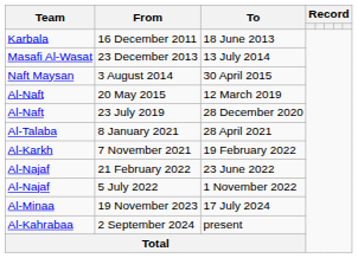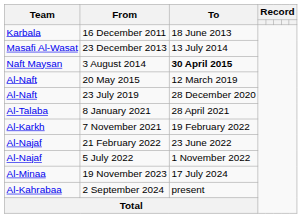 <table class=wikitable style=text-align:center>
 <tr>
 <th rowspan=2>Team</th>
 <th rowspan=2>From</th>
 <th rowspan=2>To</th>
 <th colspan=5>Record</th>
 </tr>
 <tr>
 <th></th>
 <th></th>
 <th></th>
 <th></th>
 <th></th>
 </tr>
 <tr>
 <td align=left><a href='#'>Karbala</a></td>
 <td align=left>16 December 2011</td>
 <td align=left>18 June 2013<br></td>
 </tr>
 <tr>
 <td align=left><a href='#'>Masafi Al-Wasat</a></td>
 <td align=left>23 December 2013</td>
 <td align=left>13 July 2014<br></td>
 </tr>
 <tr>
 <td align=left><a href='#'>Naft Maysan</a></td>
 <td align=left>3 August 2014</td>
-<td align=left>30 April 2015<br></td>
+<td align=left><strong>30 April 2015<br></strong></td>
 </tr>
 <tr>
 <td align=left><a href='#'>Al-Naft</a></td>
 <td align=left>20 May 2015</td>
 <td align=left>12 March 2019<br></td>
 </tr>
 <tr>
 <td align=left><a href='#'>Al-Naft</a></td>
 <td align=left>23 July 2019</td>
 <td align=left>28 December 2020<br></td>
 </tr>
 <tr>
 <td align=left><a href='#'>Al-Talaba</a></td>
 <td align=left>8 January 2021</td>
 <td align=left>28 April 2021<br></td>
 </tr>
 <tr>
 <td align=left><a href='#'>Al-Karkh</a></td>
 <td align=left>7 November 2021</td>
 <td align=left>19 February 2022<br></td>
 </tr>
 <tr>
 <td align=left><a href='#'>Al-Najaf</a></td>
 <td align=left>21 February 2022</td>
 <td align=left>23 June 2022<br></td>
 </tr>
 <tr>
 <td align=left><a href='#'>Al-Najaf</a></td>
 <td align=left>5 July 2022</td>
 <td align=left>1 November 2022<br></td>
 </tr>
 <tr>
 <td align=left><a href='#'>Al-Minaa</a></td>
 <td align=left>19 November 2023</td>
 <td align=left>17 July 2024<br></td>
 </tr>
 <tr>
 <td align=left><a href='#'>Al-Kahrabaa</a></td>
 <td align=left>2 September 2024</td>
 <td align=left>present<br></td>
 </tr>
 <tr>
 <th colspan=3>Total<br></th>
 </tr>
 </table>
